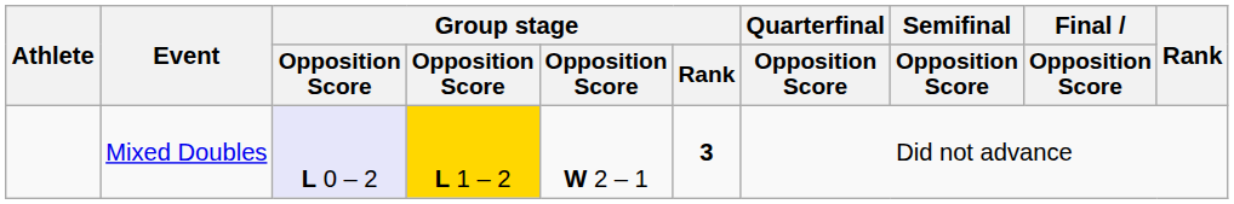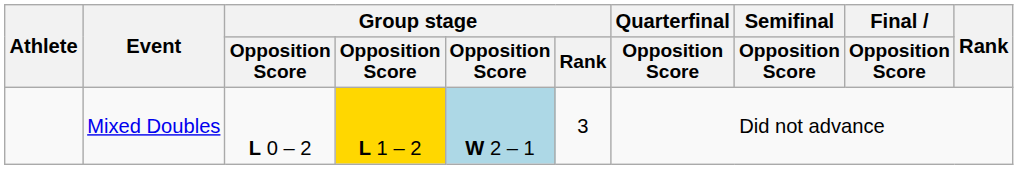 <table class="wikitable" style="font-size:90%">
 <tr>
 <th rowspan=2>Athlete</th>
 <th rowspan=2>Event</th>
 <th colspan=4>Group stage</th>
 <th>Quarterfinal</th>
 <th>Semifinal</th>
 <th>Final / </th>
 <th rowspan=2>Rank</th>
 </tr>
 <tr style="font-size:95%">
 <th>Opposition<br>Score</th>
 <th>Opposition<br>Score</th>
 <th>Opposition<br>Score</th>
 <th>Rank</th>
 <th>Opposition<br>Score</th>
 <th>Opposition<br>Score</th>
 <th>Opposition<br>Score</th>
 </tr>
 <tr align=center>
 <td align=left><br></td>
 <td align=left><a href='#'>Mixed Doubles</a></td>
-<td style="background: lavender;"><br><br><strong>L</strong> 0 – 2</td>
+<td><br><br><strong>L</strong> 0 – 2</td>
 <td style="background: gold;"><br><br><strong>L</strong> 1 – 2</td>
-<td><br><br><strong>W</strong> 2 – 1</td>
-<td><strong>3</strong></td>
+<td style="background: lightblue;"><br><br><strong>W</strong> 2 – 1</td>
+<td>3</td>
 <td colspan=4>Did not advance</td>
 </tr>
 </table>
